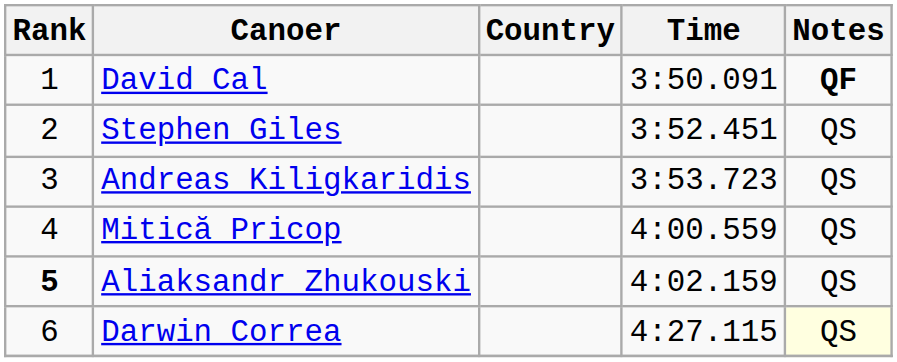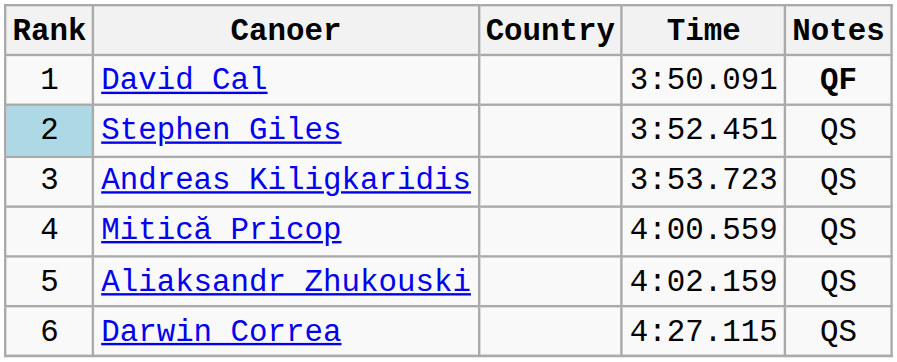 <table class="wikitable sortable" style="text-align:center">
 <tr>
 <th>Rank</th>
 <th>Canoer</th>
 <th>Country</th>
 <th>Time</th>
 <th>Notes</th>
 </tr>
 <tr>
 <td>1</td>
 <td align=left><a href='#'>David Cal</a></td>
 <td></td>
 <td>3:50.091</td>
 <td><strong>QF</strong></td>
 </tr>
 <tr>
-<td>2</td>
+<td style="background: lightblue;">2</td>
 <td align=left><a href='#'>Stephen Giles</a></td>
 <td></td>
 <td>3:52.451</td>
 <td>QS</td>
 </tr>
 <tr>
 <td>3</td>
 <td align=left><a href='#'>Andreas Kiligkaridis</a></td>
 <td></td>
 <td>3:53.723</td>
 <td>QS</td>
 </tr>
 <tr>
 <td>4</td>
 <td align=left><a href='#'>Mitică Pricop</a></td>
 <td></td>
 <td>4:00.559</td>
 <td>QS</td>
 </tr>
 <tr>
-<td><strong>5</strong></td>
+<td>5</td>
 <td align=left><a href='#'>Aliaksandr Zhukouski</a></td>
 <td></td>
 <td>4:02.159</td>
 <td>QS</td>
 </tr>
 <tr>
 <td>6</td>
 <td align=left><a href='#'>Darwin Correa</a></td>
 <td></td>
 <td>4:27.115</td>
-<td style="background: lightyellow;">QS</td>
+<td>QS</td>
 </tr>
 <tr>
 </tr>
 </table>
